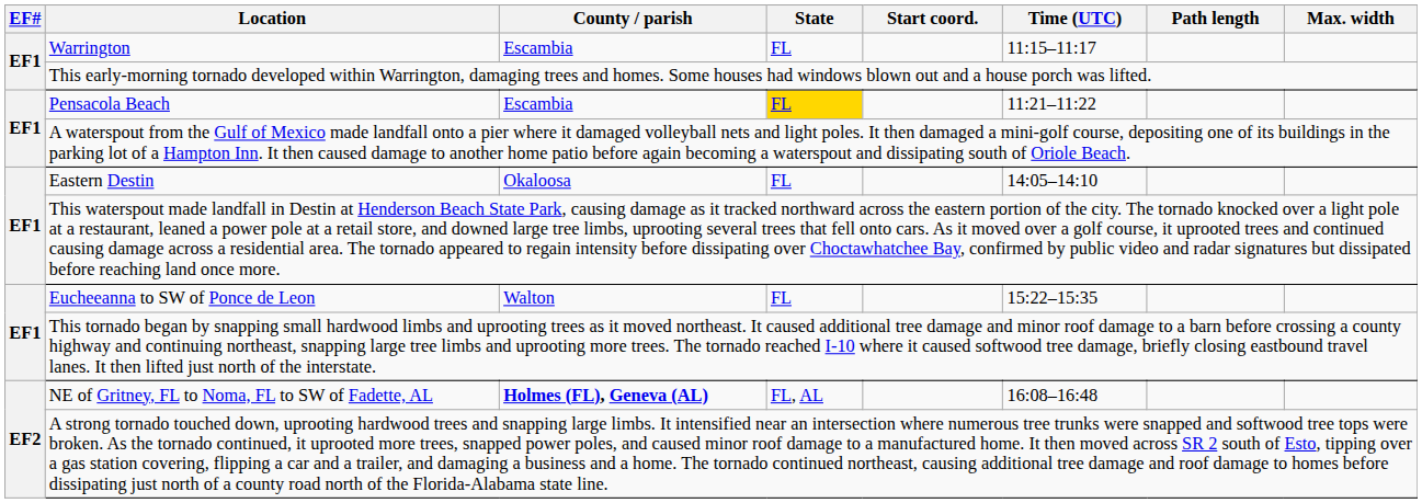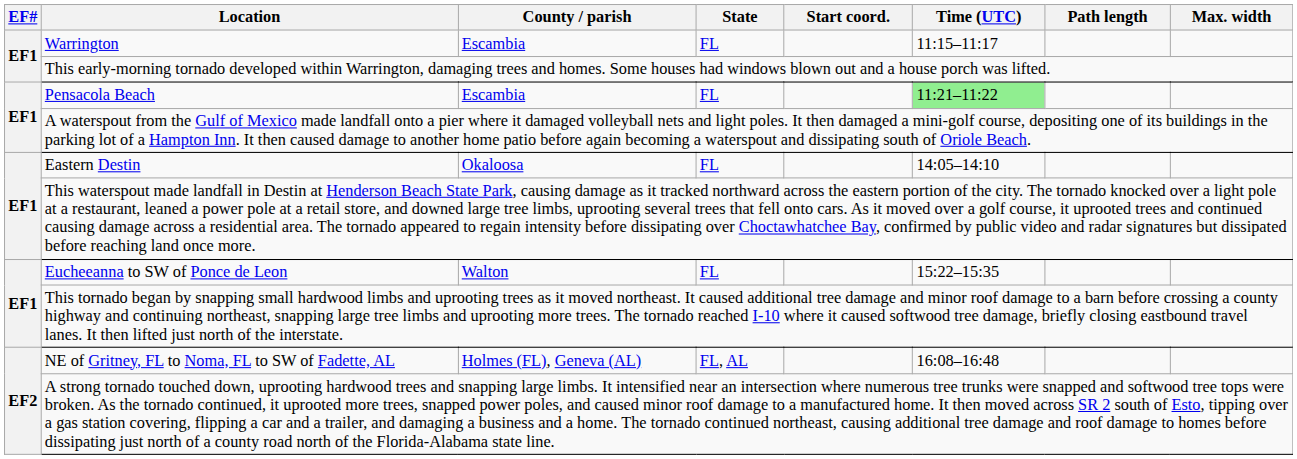 <table class="wikitable sortable" style="width:100%;">
 <tr>
 <th scope="col" width="2%" align="center"><a href='#'>EF#</a></th>
 <th scope="col" align="center" class="unsortable">Location</th>
 <th scope="col" align="center" class="unsortable">County / parish</th>
 <th scope="col" align="center">State</th>
 <th scope="col" align="center">Start coord.</th>
 <th scope="col" align="center">Time (<a href='#'>UTC</a>)</th>
 <th scope="col" align="center">Path length</th>
 <th scope="col" align="center">Max. width</th>
 </tr>
 <tr>
 <th scope="row" rowspan="2" style="background-color:#">EF1</th>
 <td><a href='#'>Warrington</a></td>
 <td><a href='#'>Escambia</a></td>
 <td><a href='#'>FL</a></td>
 <td></td>
 <td>11:15–11:17</td>
 <td></td>
 <td></td>
 </tr>
 <tr class="expand-child">
 <td colspan="8" style=" border-bottom: 1px solid black;">This early-morning tornado developed within Warrington, damaging trees and homes. Some houses had windows blown out and a house porch was lifted.</td>
 </tr>
 <tr>
 <th scope="row" rowspan="2" style="background-color:#">EF1</th>
 <td><a href='#'>Pensacola Beach</a></td>
 <td><a href='#'>Escambia</a></td>
-<td style="background: gold;"><a href='#'>FL</a></td>
+<td><a href='#'>FL</a></td>
 <td></td>
-<td>11:21–11:22</td>
+<td style="background: lightgreen;">11:21–11:22</td>
 <td></td>
 <td></td>
 </tr>
 <tr class="expand-child">
 <td colspan="8" style=" border-bottom: 1px solid black;">A waterspout from the <a href='#'>Gulf of Mexico</a> made landfall onto a pier where it damaged volleyball nets and light poles. It then damaged a mini-golf course, depositing one of its buildings in the parking lot of a <a href='#'>Hampton Inn</a>. It then caused damage to another home patio before again becoming a waterspout and dissipating south of <a href='#'>Oriole Beach</a>.</td>
 </tr>
 <tr>
 <th scope="row" rowspan="2" style="background-color:#">EF1</th>
 <td>Eastern <a href='#'>Destin</a></td>
 <td><a href='#'>Okaloosa</a></td>
 <td><a href='#'>FL</a></td>
 <td></td>
 <td>14:05–14:10</td>
 <td></td>
 <td></td>
 </tr>
 <tr class="expand-child">
 <td colspan="8" style=" border-bottom: 1px solid black;">This waterspout made landfall in Destin at <a href='#'>Henderson Beach State Park</a>, causing damage as it tracked northward across the eastern portion of the city. The tornado knocked over a light pole at a restaurant, leaned a power pole at a retail store, and downed large tree limbs, uprooting several trees that fell onto cars. As it moved over a golf course, it uprooted trees and continued causing damage across a residential area. The tornado appeared to regain intensity before dissipating over <a href='#'>Choctawhatchee Bay</a>, confirmed by public video and radar signatures but dissipated before reaching land once more.</td>
 </tr>
 <tr>
 <th scope="row" rowspan="2" style="background-color:#">EF1</th>
 <td><a href='#'>Eucheeanna</a> to SW of <a href='#'>Ponce de Leon</a></td>
 <td><a href='#'>Walton</a></td>
 <td><a href='#'>FL</a></td>
 <td></td>
 <td>15:22–15:35</td>
 <td></td>
 <td></td>
 </tr>
 <tr class="expand-child">
 <td colspan="8" style=" border-bottom: 1px solid black;">This tornado began by snapping small hardwood limbs and uprooting trees as it moved northeast. It caused additional tree damage and minor roof damage to a barn before crossing a county highway and continuing northeast, snapping large tree limbs and uprooting more trees. The tornado reached <a href='#'>I-10</a> where it caused softwood tree damage, briefly closing eastbound travel lanes. It then lifted just north of the interstate.</td>
 </tr>
 <tr>
 <th scope="row" rowspan="2" style="background-color:#">EF2</th>
 <td>NE of <a href='#'>Gritney, FL</a> to <a href='#'>Noma, FL</a> to SW of <a href='#'>Fadette, AL</a></td>
-<td><strong><a href='#'>Holmes (FL)</a>, <a href='#'>Geneva (AL)</a></strong></td>
+<td><a href='#'>Holmes (FL)</a>, <a href='#'>Geneva (AL)</a></td>
 <td><a href='#'>FL</a>, <a href='#'>AL</a></td>
 <td></td>
 <td>16:08–16:48</td>
 <td></td>
 <td></td>
 </tr>
 <tr class="expand-child">
 <td colspan="8" style=" border-bottom: 1px solid black;">A strong tornado touched down, uprooting hardwood trees and snapping large limbs. It intensified near an intersection where numerous tree trunks were snapped and softwood tree tops were broken. As the tornado continued, it uprooted more trees, snapped power poles, and caused minor roof damage to a manufactured home. It then moved across <a href='#'>SR 2</a> south of <a href='#'>Esto</a>, tipping over a gas station covering, flipping a car and a trailer, and damaging a business and a home. The tornado continued northeast, causing additional tree damage and roof damage to homes before dissipating just north of a county road north of the Florida-Alabama state line.</td>
 </tr>
 </table>
